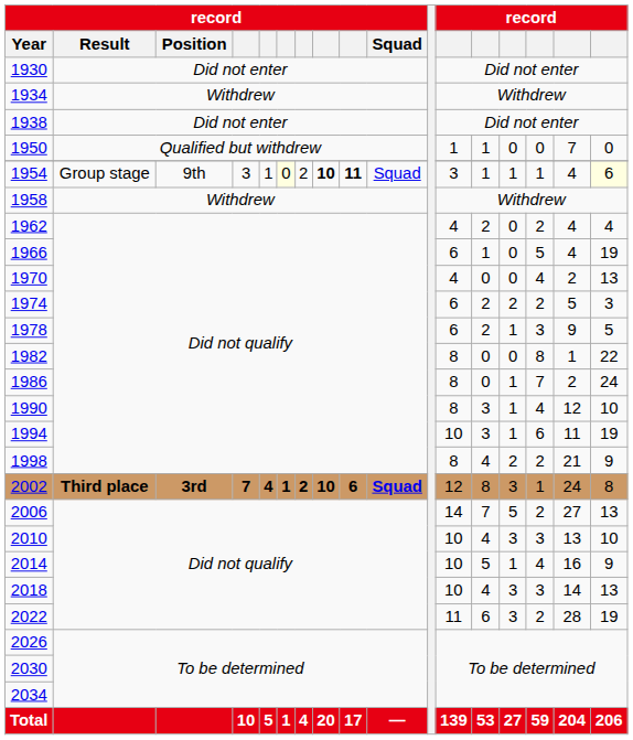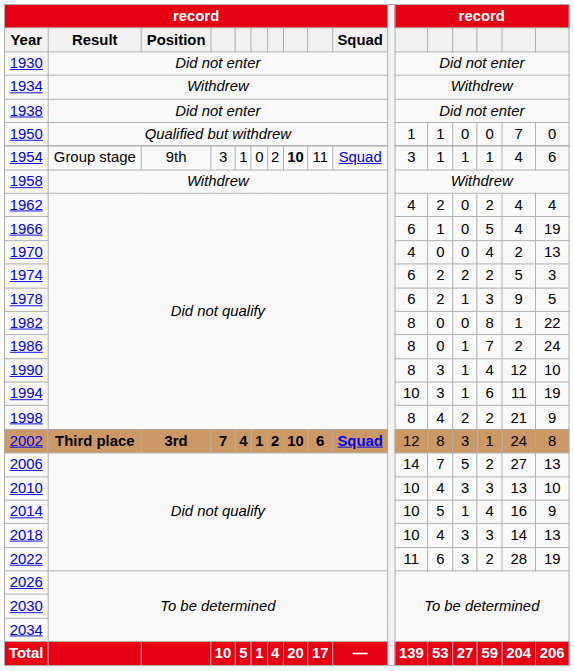 <table class="wikitable" style="text-align:center">
 <tr>
 <th style="width:50px;background:#E70013;color:#FFFFFF" colspan=10><a href='#'></a> record</th>
 <th style="width:1%" rowspan=39></th>
 <th style="width:50px;background:#E70013;color:#FFFFFF" colspan=7><a href='#'></a> record</th>
 </tr>
 <tr>
 <th>Year</th>
 <th>Result</th>
 <th>Position</th>
 <th></th>
 <th></th>
 <th></th>
 <th></th>
 <th></th>
 <th></th>
 <th>Squad</th>
 <th></th>
 <th></th>
 <th></th>
 <th></th>
 <th></th>
 <th></th>
 </tr>
 <tr>
 <td> <a href='#'>1930</a></td>
 <td colspan=9><em>Did not enter</em></td>
 <td colspan=6><em>Did not enter</em></td>
 </tr>
 <tr>
 <td> <a href='#'>1934</a></td>
 <td colspan=9><em>Withdrew</em></td>
 <td colspan=6><em>Withdrew</em></td>
 </tr>
 <tr>
 <td> <a href='#'>1938</a></td>
 <td colspan=9><em>Did not enter</em></td>
 <td colspan=6><em>Did not enter</em></td>
 </tr>
 <tr>
 <td> <a href='#'>1950</a></td>
 <td colspan=9><em>Qualified but withdrew</em></td>
 <td>1</td>
 <td>1</td>
 <td>0</td>
 <td>0</td>
 <td>7</td>
 <td>0</td>
 </tr>
 <tr>
 </tr>
 <tr>
 <td> <a href='#'>1954</a></td>
 <td>Group stage</td>
 <td>9th</td>
 <td>3</td>
 <td>1</td>
-<td style="background: lightyellow;">0</td>
+<td>0</td>
 <td>2</td>
 <td><strong>10</strong></td>
-<td><strong>11</strong></td>
+<td>11</td>
 <td><a href='#'>Squad</a></td>
 <td>3</td>
 <td>1</td>
 <td>1</td>
 <td>1</td>
 <td>4</td>
-<td style="background: lightyellow;">6</td>
+<td>6</td>
 </tr>
 <tr>
 <td> <a href='#'>1958</a></td>
 <td colspan=9><em>Withdrew</em></td>
 <td colspan=6><em>Withdrew</em></td>
 </tr>
 <tr>
 <td> <a href='#'>1962</a></td>
 <td colspan=9 rowspan=10><em>Did not qualify</em></td>
 <td>4</td>
 <td>2</td>
 <td>0</td>
 <td>2</td>
 <td>4</td>
 <td>4</td>
 </tr>
 <tr>
 <td> <a href='#'>1966</a></td>
 <td>6</td>
 <td>1</td>
 <td>0</td>
 <td>5</td>
 <td>4</td>
 <td>19</td>
 </tr>
 <tr>
 <td> <a href='#'>1970</a></td>
 <td>4</td>
 <td>0</td>
 <td>0</td>
 <td>4</td>
 <td>2</td>
 <td>13</td>
 </tr>
 <tr>
 <td> <a href='#'>1974</a></td>
 <td>6</td>
 <td>2</td>
 <td>2</td>
 <td>2</td>
 <td>5</td>
 <td>3</td>
 </tr>
 <tr>
 <td> <a href='#'>1978</a></td>
 <td>6</td>
 <td>2</td>
 <td>1</td>
 <td>3</td>
 <td>9</td>
 <td>5</td>
 </tr>
 <tr>
 <td> <a href='#'>1982</a></td>
 <td>8</td>
 <td>0</td>
 <td>0</td>
 <td>8</td>
 <td>1</td>
 <td>22</td>
 </tr>
 <tr>
 <td> <a href='#'>1986</a></td>
 <td>8</td>
 <td>0</td>
 <td>1</td>
 <td>7</td>
 <td>2</td>
 <td>24</td>
 </tr>
 <tr>
 <td> <a href='#'>1990</a></td>
 <td>8</td>
 <td>3</td>
 <td>1</td>
 <td>4</td>
 <td>12</td>
 <td>10</td>
 </tr>
 <tr>
 <td> <a href='#'>1994</a></td>
 <td>10</td>
 <td>3</td>
 <td>1</td>
 <td>6</td>
 <td>11</td>
 <td>19</td>
 </tr>
 <tr>
 <td> <a href='#'>1998</a></td>
 <td>8</td>
 <td>4</td>
 <td>2</td>
 <td>2</td>
 <td>21</td>
 <td>9</td>
 </tr>
 <tr style="background:#cc9966">
 <td>  <a href='#'>2002</a></td>
 <td><strong>Third place</strong></td>
 <td><strong>3rd</strong></td>
 <td><strong>7</strong></td>
 <td><strong>4</strong></td>
 <td><strong>1</strong></td>
 <td><strong>2</strong></td>
 <td><strong>10</strong></td>
 <td><strong>6</strong></td>
 <td><strong><a href='#'>Squad</a></strong></td>
 <td>12</td>
 <td>8</td>
 <td>3</td>
 <td>1</td>
 <td>24</td>
 <td>8</td>
 </tr>
 <tr>
 <td> <a href='#'>2006</a></td>
 <td colspan=9 rowspan=5><em> Did not qualify</em></td>
 <td>14</td>
 <td>7</td>
 <td>5</td>
 <td>2</td>
 <td>27</td>
 <td>13</td>
 </tr>
 <tr>
 <td> <a href='#'>2010</a></td>
 <td>10</td>
 <td>4</td>
 <td>3</td>
 <td>3</td>
 <td>13</td>
 <td>10</td>
 </tr>
 <tr>
 <td> <a href='#'>2014</a></td>
 <td>10</td>
 <td>5</td>
 <td>1</td>
 <td>4</td>
 <td>16</td>
 <td>9</td>
 </tr>
 <tr>
 <td> <a href='#'>2018</a></td>
 <td>10</td>
 <td>4</td>
 <td>3</td>
 <td>3</td>
 <td>14</td>
 <td>13</td>
 </tr>
 <tr>
 <td> <a href='#'>2022</a></td>
 <td>11</td>
 <td>6</td>
 <td>3</td>
 <td>2</td>
 <td>28</td>
 <td>19</td>
 </tr>
 <tr>
 <td>   <a href='#'>2026</a></td>
 <td colspan=9 rowspan=3><em>To be determined</em></td>
 <td colspan=8 rowspan=3><em>To be determined</em></td>
 </tr>
 <tr>
 <td>   <a href='#'>2030</a></td>
 </tr>
 <tr>
 <td> <a href='#'>2034</a></td>
 </tr>
 <tr>
 <th style="background:#E70013;color:#FFFFFF">Total</th>
 <th style="background:#E70013;color:#FFFFFF"></th>
 <th style="background:#E70013;color:#FFFFFF"></th>
 <th style="background:#E70013;color:#FFFFFF">10</th>
 <th style="background:#E70013;color:#FFFFFF">5</th>
 <th style="background:#E70013;color:#FFFFFF">1</th>
 <th style="background:#E70013;color:#FFFFFF">4</th>
 <th style="background:#E70013;color:#FFFFFF">20</th>
 <th style="background:#E70013;color:#FFFFFF">17</th>
 <th style="background:#E70013;color:#FFFFFF">—</th>
 <th style="background:#E70013;color:#FFFFFF">139</th>
 <th style="background:#E70013;color:#FFFFFF">53</th>
 <th style="background:#E70013;color:#FFFFFF">27</th>
 <th style="background:#E70013;color:#FFFFFF">59</th>
 <th style="background:#E70013;color:#FFFFFF">204</th>
 <th style="background:#E70013;color:#FFFFFF">206</th>
 </tr>
 </table>
